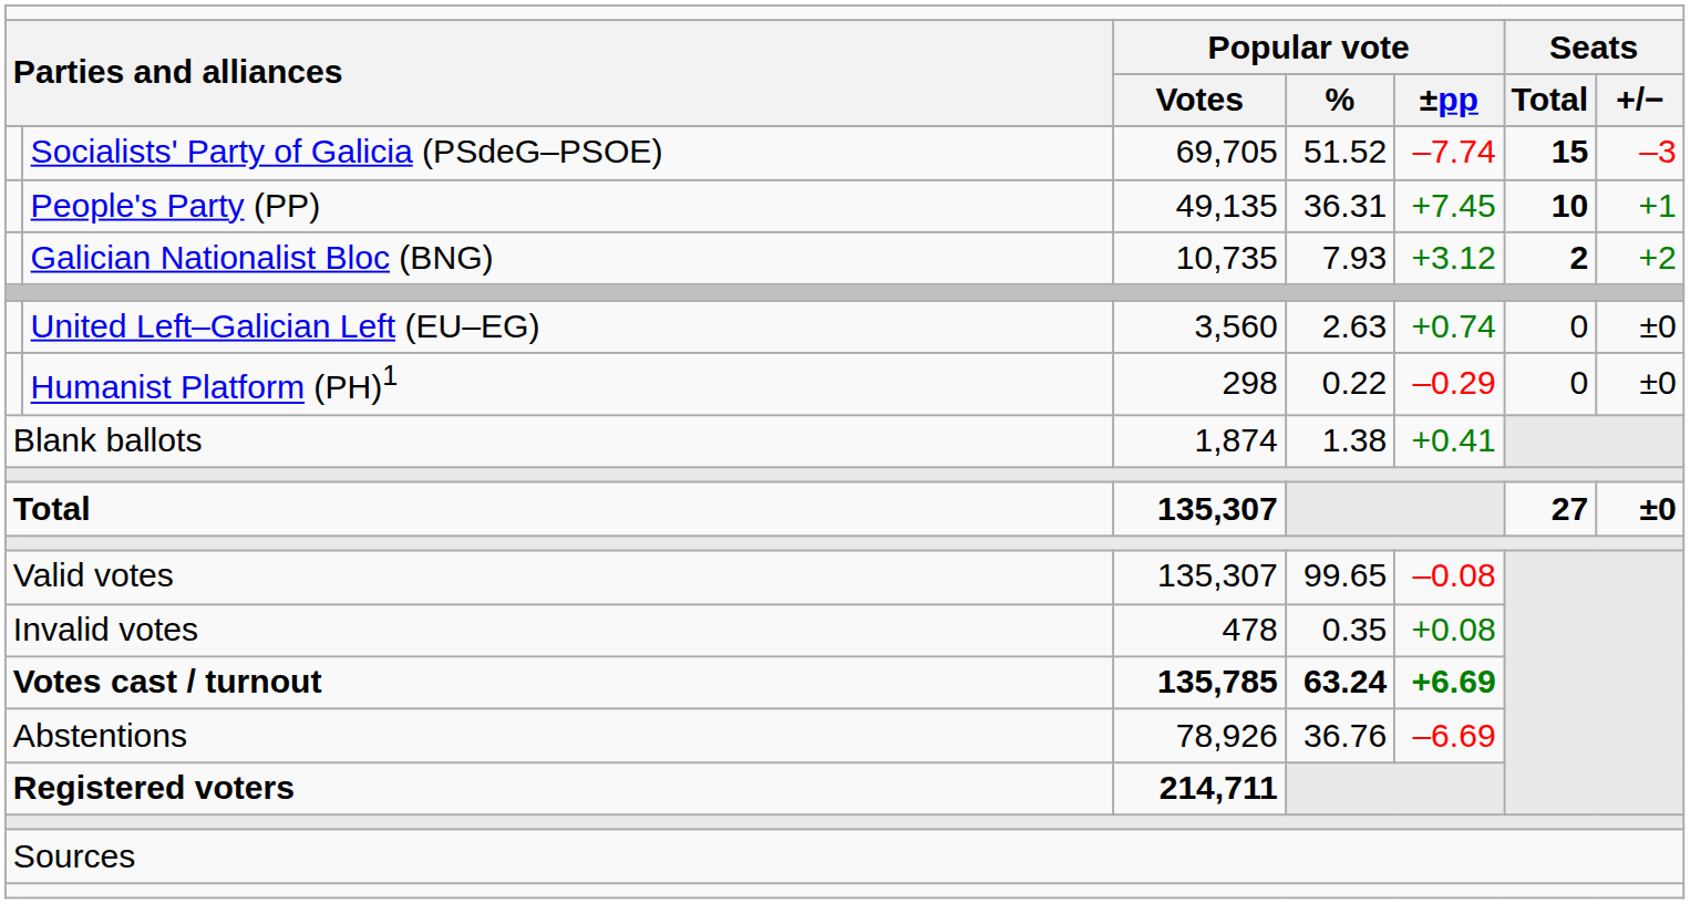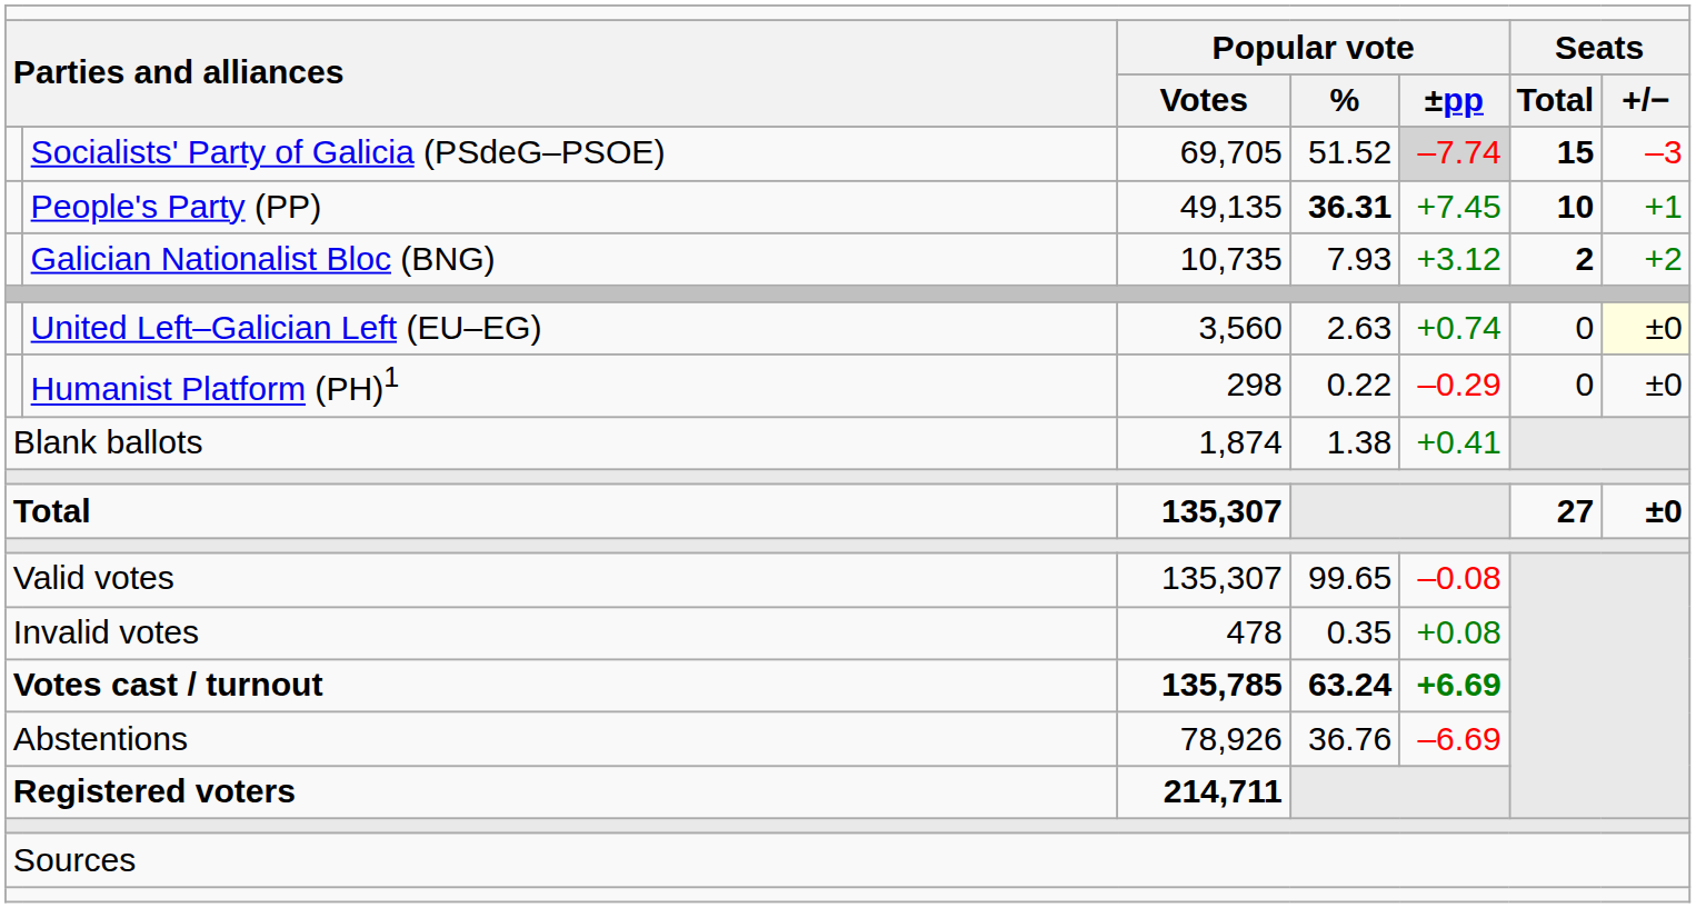 <table class="wikitable" style="text-align:right;">
 <tr>
 <td colspan="7"></td>
 </tr>
 <tr>
 <th style="text-align:left;" rowspan="2" colspan="2" width="525">Parties and alliances</th>
 <th colspan="3">Popular vote</th>
 <th colspan="2">Seats</th>
 </tr>
 <tr>
 <th width="75">Votes</th>
 <th width="45">%</th>
 <th width="45">±<a href='#'>pp</a></th>
 <th width="35">Total</th>
 <th width="35">+/−</th>
 </tr>
 <tr>
 <td width="1" style="color:inherit;background:"></td>
 <td align="left"><a href='#'>Socialists' Party of Galicia</a> (PSdeG–PSOE)</td>
 <td>69,705</td>
 <td>51.52</td>
-<td style="color:red;">–7.74</td>
+<td style="background: lightgrey; color:red;">–7.74</td>
 <td><strong>15</strong></td>
 <td style="color:red;">–3</td>
 </tr>
 <tr>
 <td style="color:inherit;background:"></td>
 <td align="left"><a href='#'>People's Party</a> (PP)</td>
 <td>49,135</td>
-<td>36.31</td>
+<td><strong>36.31</strong></td>
 <td style="color:green;">+7.45</td>
 <td><strong>10</strong></td>
 <td style="color:green;">+1</td>
 </tr>
 <tr>
 <td style="color:inherit;background:"></td>
 <td align="left"><a href='#'>Galician Nationalist Bloc</a> (BNG)</td>
 <td>10,735</td>
 <td>7.93</td>
 <td style="color:green;">+3.12</td>
 <td><strong>2</strong></td>
 <td style="color:green;">+2</td>
 </tr>
 <tr>
 <td colspan="7" bgcolor="#C0C0C0"></td>
 </tr>
 <tr>
 <td style="color:inherit;background:"></td>
 <td align="left"><a href='#'>United Left–Galician Left</a> (EU–EG)</td>
 <td>3,560</td>
 <td>2.63</td>
 <td style="color:green;">+0.74</td>
 <td>0</td>
-<td>±0</td>
+<td style="background: lightyellow;">±0</td>
 </tr>
 <tr>
 <td style="color:inherit;background:"></td>
 <td align="left"><a href='#'>Humanist Platform</a> (PH)<sup>1</sup></td>
 <td>298</td>
 <td>0.22</td>
 <td style="color:red;">–0.29</td>
 <td>0</td>
 <td>±0</td>
 </tr>
 <tr>
 <td align="left" colspan="2">Blank ballots</td>
 <td>1,874</td>
 <td>1.38</td>
 <td style="color:green;">+0.41</td>
 <td bgcolor="#E9E9E9" colspan="2"></td>
 </tr>
 <tr>
 <td colspan="7" bgcolor="#E9E9E9"></td>
 </tr>
 <tr style="font-weight:bold;">
 <td align="left" colspan="2">Total</td>
 <td>135,307</td>
 <td bgcolor="#E9E9E9" colspan="2"></td>
 <td>27</td>
 <td>±0</td>
 </tr>
 <tr>
 <td colspan="7" bgcolor="#E9E9E9"></td>
 </tr>
 <tr>
 <td align="left" colspan="2">Valid votes</td>
 <td>135,307</td>
 <td>99.65</td>
 <td style="color:red;">–0.08</td>
 <td bgcolor="#E9E9E9" colspan="2" rowspan="5"></td>
 </tr>
 <tr>
 <td align="left" colspan="2">Invalid votes</td>
 <td>478</td>
 <td>0.35</td>
 <td style="color:green;">+0.08</td>
 </tr>
 <tr style="font-weight:bold;">
 <td align="left" colspan="2">Votes cast / turnout</td>
 <td>135,785</td>
 <td>63.24</td>
 <td style="color:green;">+6.69</td>
 </tr>
 <tr>
 <td align="left" colspan="2">Abstentions</td>
 <td>78,926</td>
 <td>36.76</td>
 <td style="color:red;">–6.69</td>
 </tr>
 <tr style="font-weight:bold;">
 <td align="left" colspan="2">Registered voters</td>
 <td>214,711</td>
 <td bgcolor="#E9E9E9" colspan="2"></td>
 </tr>
 <tr>
 <td colspan="7" bgcolor="#E9E9E9"></td>
 </tr>
 <tr>
 <td align="left" colspan="7">Sources</td>
 </tr>
 <tr>
 <td colspan="7" style="text-align:left; max-width:790px;"></td>
 </tr>
 </table>
